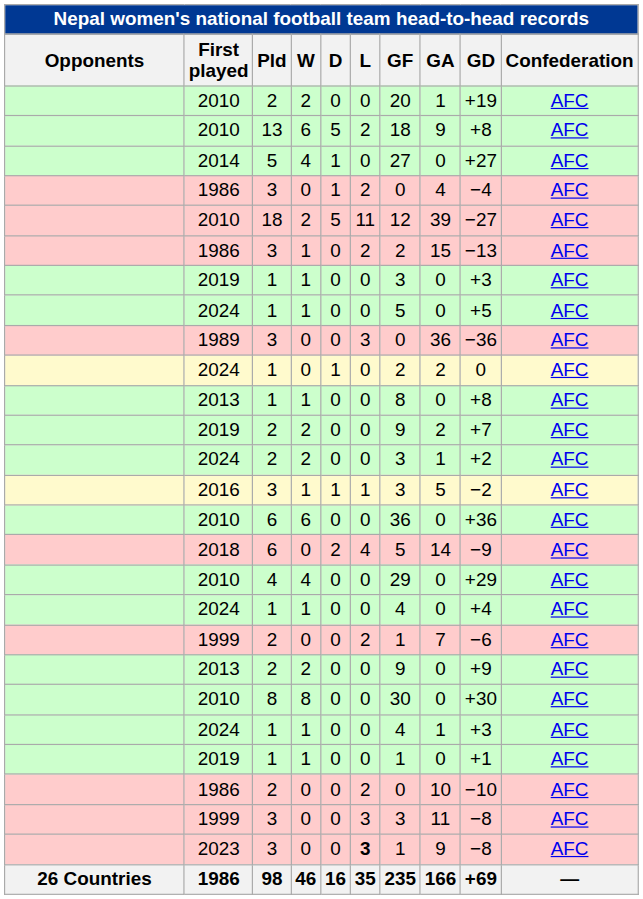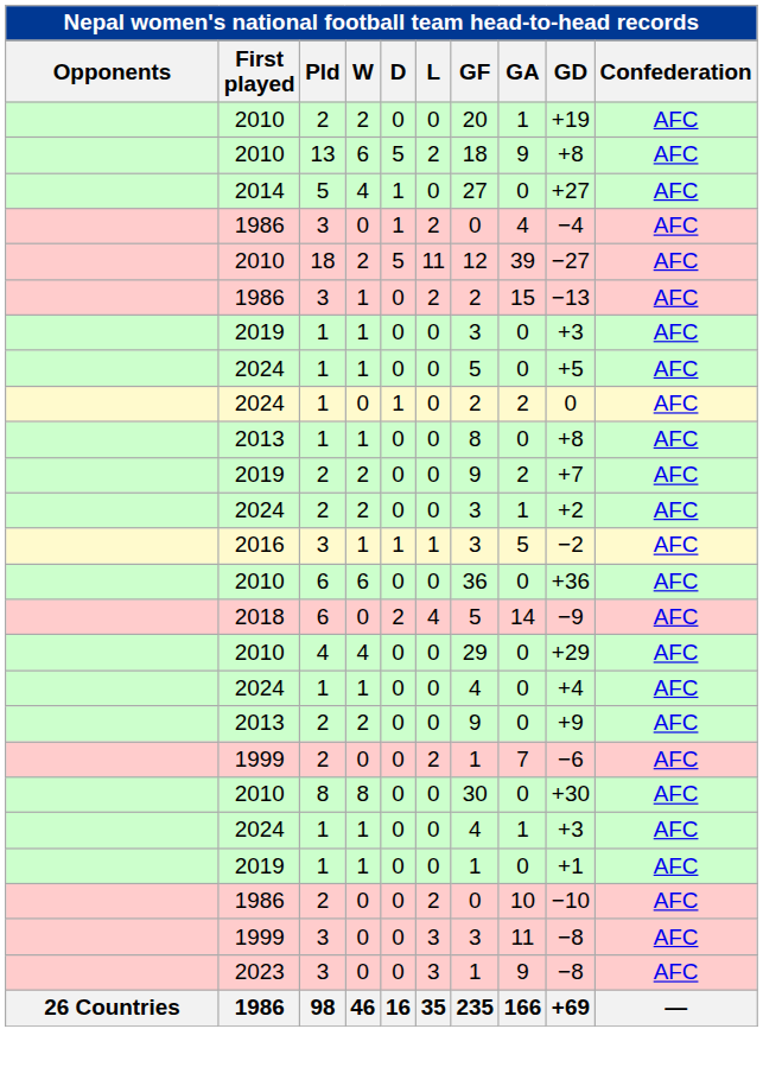 <table class="wikitable sortable" style="text-align:center">
 <tr>
 <th colspan=10 style="background: #003893; color: #FFFFFF;">Nepal women's national football team head-to-head records</th>
 </tr>
 <tr>
 </tr>
 <tr style="color:black">
 <th style="width:145px">Opponents</th>
 <th style="width:1px">First played</th>
 <th style="width:1px">Pld</th>
 <th style="width:1px">W</th>
 <th style="width:1px">D</th>
 <th style="width:1px">L</th>
 <th style="width:1px">GF</th>
 <th style="width:1px">GA</th>
 <th style="width:1px">GD</th>
 <th style="width:1px">Confederation</th>
 </tr>
 <tr bgcolor=#CCFFCC>
 <td></td>
 <td>2010</td>
 <td>2</td>
 <td>2</td>
 <td>0</td>
 <td>0</td>
 <td>20</td>
 <td>1</td>
 <td>+19</td>
 <td><a href='#'>AFC</a></td>
 </tr>
 <tr bgcolor=#CCFFCC>
 <td></td>
 <td>2010</td>
 <td>13</td>
 <td>6</td>
 <td>5</td>
 <td>2</td>
 <td>18</td>
 <td>9</td>
 <td>+8</td>
 <td><a href='#'>AFC</a></td>
 </tr>
 <tr bgcolor=#CCFFCC>
 <td></td>
 <td>2014</td>
 <td>5</td>
 <td>4</td>
 <td>1</td>
 <td>0</td>
 <td>27</td>
 <td>0</td>
 <td>+27</td>
 <td><a href='#'>AFC</a></td>
 </tr>
 <tr bgcolor=#FFCCCC>
 <td></td>
 <td>1986</td>
 <td>3</td>
 <td>0</td>
 <td>1</td>
 <td>2</td>
 <td>0</td>
 <td>4</td>
 <td>−4</td>
 <td><a href='#'>AFC</a></td>
 </tr>
 <tr bgcolor=#FFCCCC>
 <td></td>
 <td>2010</td>
 <td>18</td>
 <td>2</td>
 <td>5</td>
 <td>11</td>
 <td>12</td>
 <td>39</td>
 <td>−27</td>
 <td><a href='#'>AFC</a></td>
 </tr>
 <tr bgcolor=#FFCCCC>
 <td></td>
 <td>1986</td>
 <td>3</td>
 <td>1</td>
 <td>0</td>
 <td>2</td>
 <td>2</td>
 <td>15</td>
 <td>−13</td>
 <td><a href='#'>AFC</a></td>
 </tr>
 <tr bgcolor=#CCFFCC>
 <td></td>
 <td>2019</td>
 <td>1</td>
 <td>1</td>
 <td>0</td>
 <td>0</td>
 <td>3</td>
 <td>0</td>
 <td>+3</td>
 <td><a href='#'>AFC</a></td>
 </tr>
 <tr bgcolor=#CCFFCC>
 <td></td>
 <td>2024</td>
 <td>1</td>
 <td>1</td>
 <td>0</td>
 <td>0</td>
 <td>5</td>
 <td>0</td>
 <td>+5</td>
 <td><a href='#'>AFC</a></td>
 </tr>
-<tr bgcolor=#FFCCCC>
-<td></td>
-<td>1989</td>
-<td>3</td>
-<td>0</td>
-<td>0</td>
-<td>3</td>
-<td>0</td>
-<td>36</td>
-<td>−36</td>
-<td><a href='#'>AFC</a></td>
-</tr>
 <tr bgcolor="#FFFACD">
 <td></td>
 <td>2024</td>
 <td>1</td>
 <td>0</td>
 <td>1</td>
 <td>0</td>
 <td>2</td>
 <td>2</td>
 <td>0</td>
 <td><a href='#'>AFC</a></td>
 </tr>
 <tr bgcolor=#CCFFCC>
 <td></td>
 <td>2013</td>
 <td>1</td>
 <td>1</td>
 <td>0</td>
 <td>0</td>
 <td>8</td>
 <td>0</td>
 <td>+8</td>
 <td><a href='#'>AFC</a></td>
 </tr>
 <tr bgcolor=#CCFFCC>
 <td></td>
 <td>2019</td>
 <td>2</td>
 <td>2</td>
 <td>0</td>
 <td>0</td>
 <td>9</td>
 <td>2</td>
 <td>+7</td>
 <td><a href='#'>AFC</a></td>
 </tr>
 <tr bgcolor=#CCFFCC>
 <td></td>
 <td>2024</td>
 <td>2</td>
 <td>2</td>
 <td>0</td>
 <td>0</td>
 <td>3</td>
 <td>1</td>
 <td>+2</td>
 <td><a href='#'>AFC</a></td>
 </tr>
 <tr bgcolor="#FFFACD">
 <td></td>
 <td>2016</td>
 <td>3</td>
 <td>1</td>
 <td>1</td>
 <td>1</td>
 <td>3</td>
 <td>5</td>
 <td>−2</td>
 <td><a href='#'>AFC</a></td>
 </tr>
 <tr bgcolor=#CCFFCC>
 <td></td>
 <td>2010</td>
 <td>6</td>
 <td>6</td>
 <td>0</td>
 <td>0</td>
 <td>36</td>
 <td>0</td>
 <td>+36</td>
 <td><a href='#'>AFC</a></td>
 </tr>
 <tr bgcolor=#FFCCCC>
 <td></td>
 <td>2018</td>
 <td>6</td>
 <td>0</td>
 <td>2</td>
 <td>4</td>
 <td>5</td>
 <td>14</td>
 <td>−9</td>
 <td><a href='#'>AFC</a></td>
 </tr>
 <tr bgcolor=#CCFFCC>
 <td></td>
 <td>2010</td>
 <td>4</td>
 <td>4</td>
 <td>0</td>
 <td>0</td>
 <td>29</td>
 <td>0</td>
 <td>+29</td>
 <td><a href='#'>AFC</a></td>
 </tr>
 <tr bgcolor=#CCFFCC>
 <td></td>
 <td>2024</td>
 <td>1</td>
 <td>1</td>
 <td>0</td>
 <td>0</td>
 <td>4</td>
 <td>0</td>
 <td>+4</td>
 <td><a href='#'>AFC</a></td>
 </tr>
+<tr bgcolor=#CCFFCC>
+<td></td>
+<td>2013</td>
+<td>2</td>
+<td>2</td>
+<td>0</td>
+<td>0</td>
+<td>9</td>
+<td>0</td>
+<td>+9</td>
+<td><a href='#'>AFC</a></td>
+</tr>
 <tr bgcolor=#FFCCCC>
 <td></td>
 <td>1999</td>
 <td>2</td>
 <td>0</td>
 <td>0</td>
 <td>2</td>
 <td>1</td>
 <td>7</td>
 <td>−6</td>
-<td><a href='#'>AFC</a></td>
-</tr>
-<tr bgcolor=#CCFFCC>
-<td></td>
-<td>2013</td>
-<td>2</td>
-<td>2</td>
-<td>0</td>
-<td>0</td>
-<td>9</td>
-<td>0</td>
-<td>+9</td>
 <td><a href='#'>AFC</a></td>
 </tr>
 <tr bgcolor=#CCFFCC>
 <td></td>
 <td>2010</td>
 <td>8</td>
 <td>8</td>
 <td>0</td>
 <td>0</td>
 <td>30</td>
 <td>0</td>
 <td>+30</td>
 <td><a href='#'>AFC</a></td>
 </tr>
 <tr bgcolor=#CCFFCC>
 <td></td>
 <td>2024</td>
 <td>1</td>
 <td>1</td>
 <td>0</td>
 <td>0</td>
 <td>4</td>
 <td>1</td>
 <td>+3</td>
 <td><a href='#'>AFC</a></td>
 </tr>
 <tr bgcolor=#CCFFCC>
 <td></td>
 <td>2019</td>
 <td>1</td>
 <td>1</td>
 <td>0</td>
 <td>0</td>
 <td>1</td>
 <td>0</td>
 <td>+1</td>
 <td><a href='#'>AFC</a></td>
 </tr>
 <tr bgcolor=#FFCCCC>
 <td></td>
 <td>1986</td>
 <td>2</td>
 <td>0</td>
 <td>0</td>
 <td>2</td>
 <td>0</td>
 <td>10</td>
 <td>−10</td>
 <td><a href='#'>AFC</a></td>
 </tr>
 <tr bgcolor=#FFCCCC>
 <td></td>
 <td>1999</td>
 <td>3</td>
 <td>0</td>
 <td>0</td>
 <td>3</td>
 <td>3</td>
 <td>11</td>
 <td>−8</td>
 <td><a href='#'>AFC</a></td>
 </tr>
 <tr bgcolor=#FFCCCC>
 <td></td>
 <td>2023</td>
 <td>3</td>
 <td>0</td>
 <td>0</td>
-<td><strong>3</strong></td>
+<td>3</td>
 <td>1</td>
 <td>9</td>
 <td>−8</td>
 <td><a href='#'>AFC</a></td>
 </tr>
 <tr>
 <th>26 Countries</th>
 <th>1986</th>
 <th>98</th>
 <th>46</th>
 <th>16</th>
 <th>35</th>
 <th>235</th>
 <th>166</th>
 <th>+69</th>
 <th>—</th>
 </tr>
 </table>
